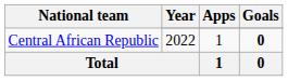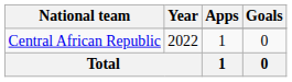 <table class="wikitable" style="text-align:center">
 <tr>
 <th>National team</th>
 <th>Year</th>
 <th>Apps</th>
 <th>Goals</th>
 </tr>
 <tr>
 <td rowspan=2><a href='#'>Central African Republic</a></td>
 </tr>
 <tr>
 <td>2022</td>
 <td>1</td>
-<td><strong>0</strong></td>
+<td>0</td>
 </tr>
 <tr>
 <th colspan=2>Total</th>
 <th>1</th>
 <th>0</th>
 </tr>
 </table>
